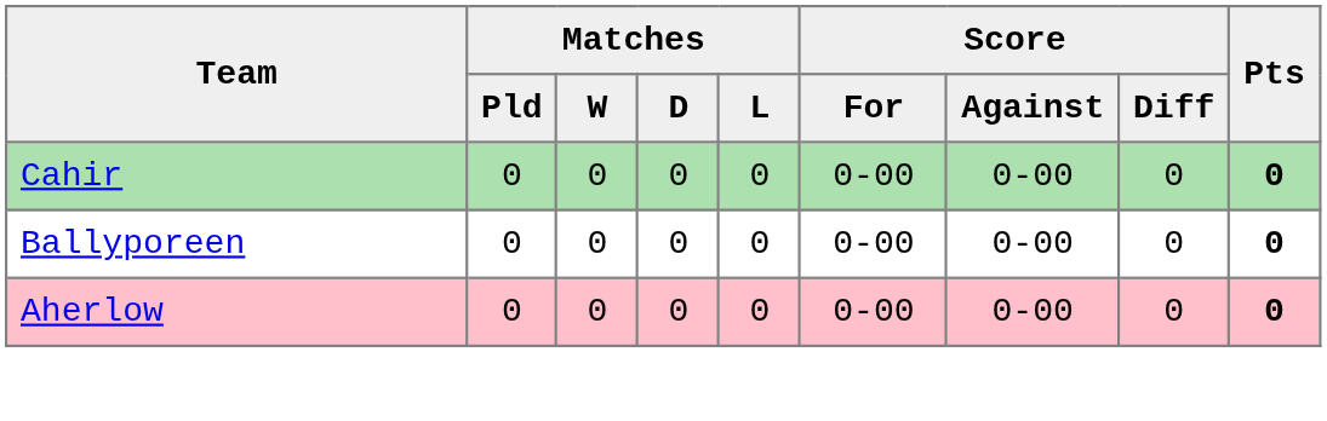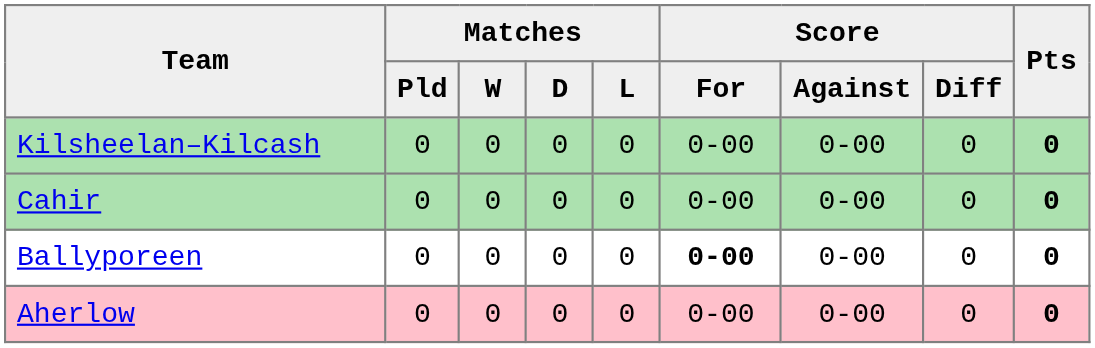 <table style=border-collapse:collapse border=1 cellspacing=0 cellpadding=5>
 <tr align=center bgcolor=#efefef>
 <th rowspan=2 width=165>Team</th>
 <th colspan=4>Matches</th>
 <th colspan=3>Score</th>
 <th rowspan=2width=20>Pts</th>
 </tr>
 <tr align=center bgcolor=#efefef>
 <th width=20>Pld</th>
 <th width=20>W</th>
 <th width=20>D</th>
 <th width=20>L</th>
 <th width=45>For</th>
 <th width=45>Against</th>
 <th width=30>Diff</th>
+</tr>
+<tr align=center style="background:#ACE1AF;">
+<td style="text-align:left;"> <a href='#'>Kilsheelan–Kilcash</a></td>
+<td>0</td>
+<td>0</td>
+<td>0</td>
+<td>0</td>
+<td>0-00</td>
+<td>0-00</td>
+<td>0</td>
+<td><strong>0</strong></td>
 </tr>
 <tr align=center style="background:#ACE1AF;">
 <td style="text-align:left;"> <a href='#'>Cahir</a></td>
 <td>0</td>
 <td>0</td>
 <td>0</td>
 <td>0</td>
 <td>0-00</td>
 <td>0-00</td>
 <td>0</td>
 <td><strong>0</strong></td>
 </tr>
 <tr align=center>
 <td style="text-align:left;"> <a href='#'>Ballyporeen</a></td>
 <td>0</td>
 <td>0</td>
 <td>0</td>
 <td>0</td>
-<td>0-00</td>
+<td><strong>0-00</strong></td>
 <td>0-00</td>
 <td>0</td>
 <td><strong>0</strong></td>
 </tr>
 <tr align=center style="background:#FFC0CB;">
 <td style="text-align:left;"> <a href='#'>Aherlow</a></td>
 <td>0</td>
 <td>0</td>
 <td>0</td>
 <td>0</td>
 <td>0-00</td>
 <td>0-00</td>
 <td>0</td>
 <td><strong>0</strong></td>
 </tr>
 </table>
